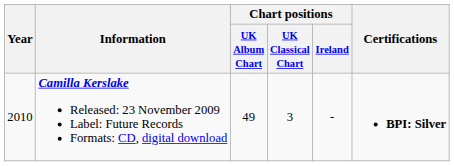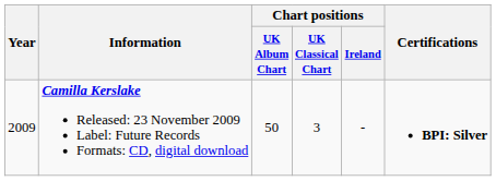 <table class="wikitable">
 <tr>
 <th rowspan="2">Year</th>
 <th rowspan="2">Information</th>
 <th colspan="3">Chart positions</th>
 <th rowspan="2">Certifications</th>
 </tr>
 <tr>
 <th width="25"><small> <a href='#'>UK Album Chart</a></small></th>
 <th width="25"><small><a href='#'>UK Classical Chart</a></small></th>
 <th width="25"><small> <a href='#'>Ireland</a></small></th>
 </tr>
 <tr>
-<td>2010</td>
+<td>2009</td>
 <td><strong><em><a href='#'>Camilla Kerslake</a></em></strong><br><ul><li>Released: 23 November 2009</li><li>Label: Future Records</li><li>Formats: <a href='#'>CD</a>, <a href='#'>digital download</a></li></ul></td>
-<td style="text-align:center;">49</td>
+<td style="text-align:center;">50</td>
 <td style="text-align:center;">3</td>
 <td style="text-align:center;">-</td>
 <td><strong><br><ul><li>BPI: Silver</li></ul></strong></td>
 </tr>
 </table>
